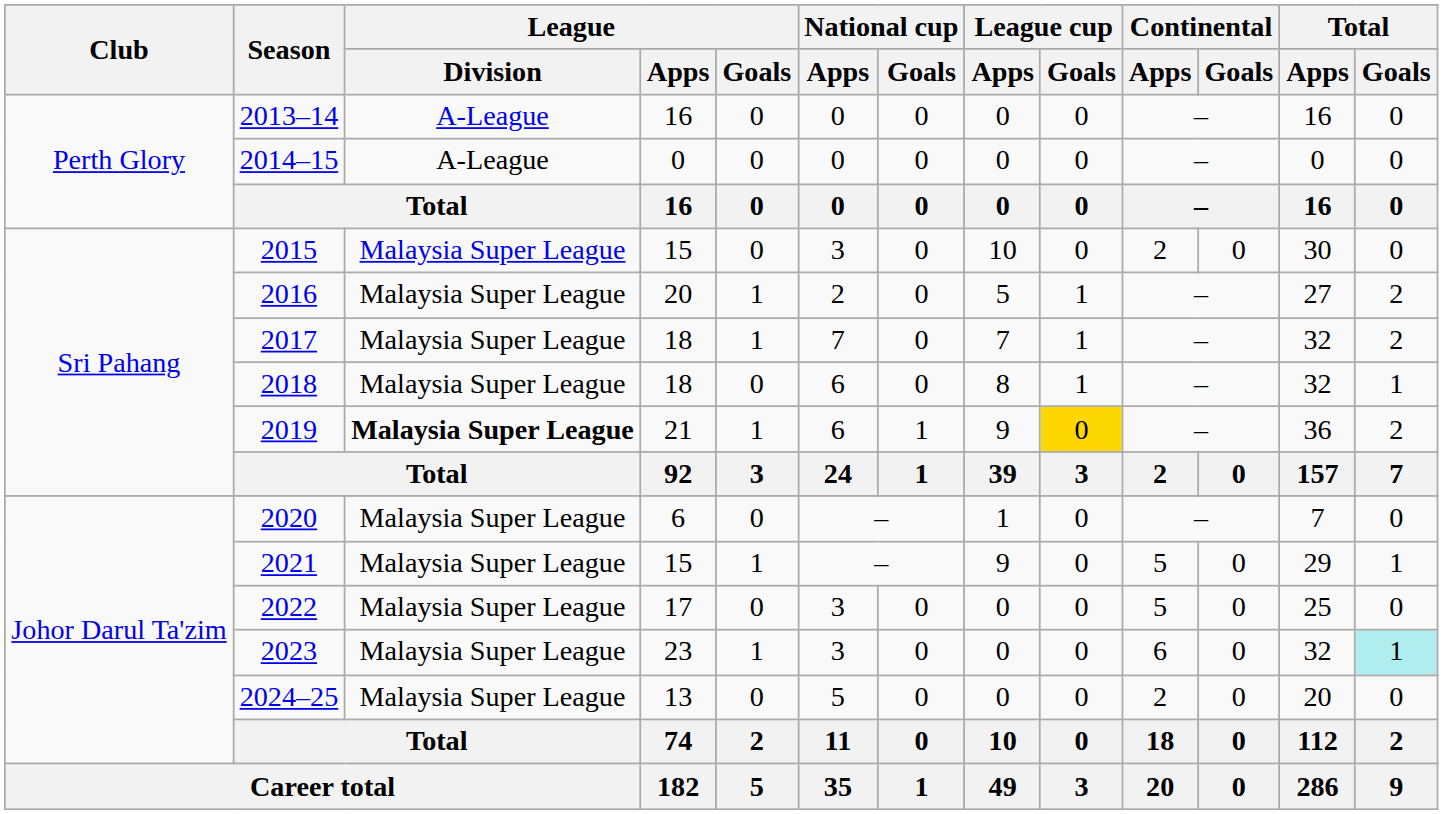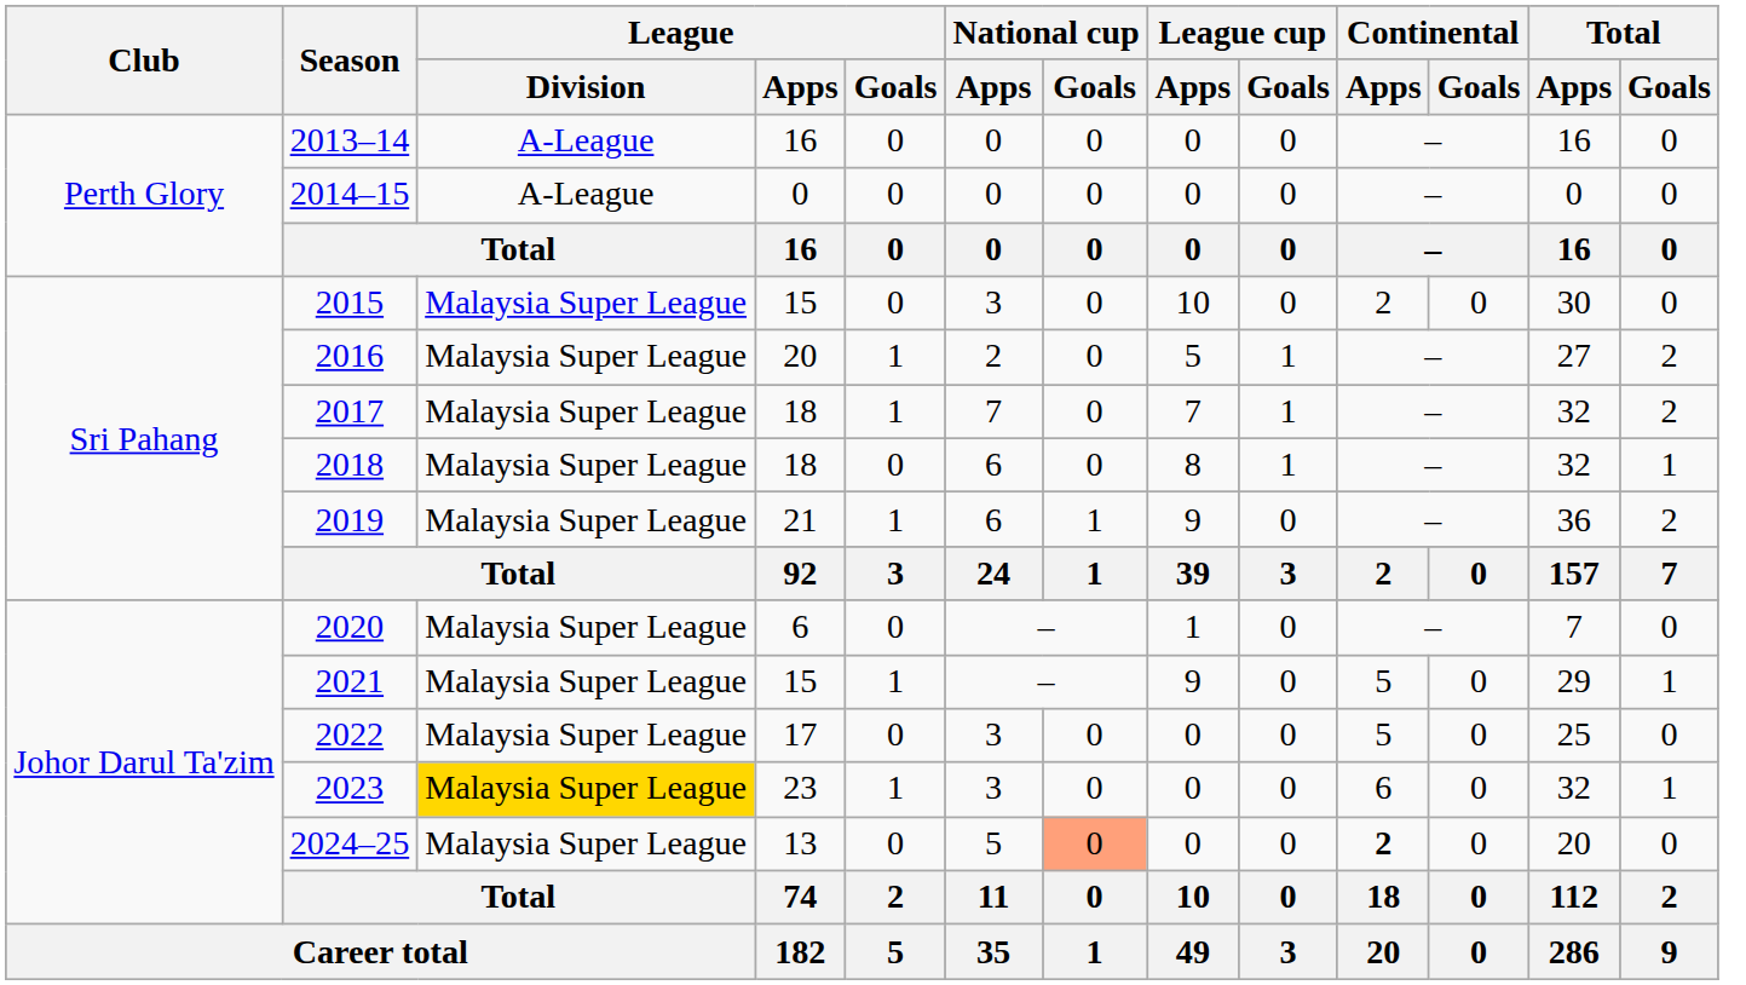 <table class=wikitable style="text-align:center">
 <tr>
 <th rowspan="2">Club</th>
 <th rowspan="2">Season</th>
 <th colspan="3">League</th>
 <th colspan="2">National cup</th>
 <th colspan="2">League cup</th>
 <th colspan="2">Continental</th>
 <th colspan="2">Total</th>
 </tr>
 <tr>
 <th>Division</th>
 <th>Apps</th>
 <th>Goals</th>
 <th>Apps</th>
 <th>Goals</th>
 <th>Apps</th>
 <th>Goals</th>
 <th>Apps</th>
 <th>Goals</th>
 <th>Apps</th>
 <th>Goals</th>
 </tr>
 <tr>
 <td rowspan="3"><a href='#'>Perth Glory</a></td>
 <td><a href='#'>2013–14</a></td>
 <td><a href='#'>A-League</a></td>
 <td>16</td>
 <td>0</td>
 <td>0</td>
 <td>0</td>
 <td>0</td>
 <td>0</td>
 <td colspan="2">–</td>
 <td>16</td>
 <td>0</td>
 </tr>
 <tr>
 <td><a href='#'>2014–15</a></td>
 <td>A-League</td>
 <td>0</td>
 <td>0</td>
 <td>0</td>
 <td>0</td>
 <td>0</td>
 <td>0</td>
 <td colspan="2">–</td>
 <td>0</td>
 <td>0</td>
 </tr>
 <tr>
 <th colspan="2">Total</th>
 <th>16</th>
 <th>0</th>
 <th>0</th>
 <th>0</th>
 <th>0</th>
 <th>0</th>
 <th colspan="2">–</th>
 <th>16</th>
 <th>0</th>
 </tr>
 <tr>
 <td rowspan="6"><a href='#'>Sri Pahang</a></td>
 <td><a href='#'>2015</a></td>
 <td><a href='#'>Malaysia Super League</a></td>
 <td>15</td>
 <td>0</td>
 <td>3</td>
 <td>0</td>
 <td>10</td>
 <td>0</td>
 <td>2</td>
 <td>0</td>
 <td>30</td>
 <td>0</td>
 </tr>
 <tr>
 <td><a href='#'>2016</a></td>
 <td>Malaysia Super League</td>
 <td>20</td>
 <td>1</td>
 <td>2</td>
 <td>0</td>
 <td>5</td>
 <td>1</td>
 <td colspan="2">–</td>
 <td>27</td>
 <td>2</td>
 </tr>
 <tr>
 <td><a href='#'>2017</a></td>
 <td>Malaysia Super League</td>
 <td>18</td>
 <td>1</td>
 <td>7</td>
 <td>0</td>
 <td>7</td>
 <td>1</td>
 <td colspan="2">–</td>
 <td>32</td>
 <td>2</td>
 </tr>
 <tr>
 <td><a href='#'>2018</a></td>
 <td>Malaysia Super League</td>
 <td>18</td>
 <td>0</td>
 <td>6</td>
 <td>0</td>
 <td>8</td>
 <td>1</td>
 <td colspan="2">–</td>
 <td>32</td>
 <td>1</td>
 </tr>
 <tr>
 <td><a href='#'>2019</a></td>
-<td><strong>Malaysia Super League</strong></td>
+<td>Malaysia Super League</td>
 <td>21</td>
 <td>1</td>
 <td>6</td>
 <td>1</td>
 <td>9</td>
-<td style="background: gold;">0</td>
+<td>0</td>
 <td colspan="2">–</td>
 <td>36</td>
 <td>2</td>
 </tr>
 <tr>
 <th colspan="2">Total</th>
 <th>92</th>
 <th>3</th>
 <th>24</th>
 <th>1</th>
 <th>39</th>
 <th>3</th>
 <th>2</th>
 <th>0</th>
 <th>157</th>
 <th>7</th>
 </tr>
 <tr>
 <td rowspan="6"><a href='#'>Johor Darul Ta'zim</a></td>
 <td><a href='#'>2020</a></td>
 <td>Malaysia Super League</td>
 <td>6</td>
 <td>0</td>
 <td colspan="2">–</td>
 <td>1</td>
 <td>0</td>
 <td colspan="2">–</td>
 <td>7</td>
 <td>0</td>
 </tr>
 <tr>
 <td><a href='#'>2021</a></td>
 <td>Malaysia Super League</td>
 <td>15</td>
 <td>1</td>
 <td colspan="2">–</td>
 <td>9</td>
 <td>0</td>
 <td>5</td>
 <td>0</td>
 <td>29</td>
 <td>1</td>
 </tr>
 <tr>
 <td><a href='#'>2022</a></td>
 <td>Malaysia Super League</td>
 <td>17</td>
 <td>0</td>
 <td>3</td>
 <td>0</td>
 <td>0</td>
 <td>0</td>
 <td>5</td>
 <td>0</td>
 <td>25</td>
 <td>0</td>
 </tr>
 <tr>
 <td><a href='#'>2023</a></td>
-<td>Malaysia Super League</td>
+<td style="background: gold;">Malaysia Super League</td>
 <td>23</td>
 <td>1</td>
 <td>3</td>
 <td>0</td>
 <td>0</td>
 <td>0</td>
 <td>6</td>
 <td>0</td>
 <td>32</td>
-<td style="background: paleturquoise;">1</td>
+<td>1</td>
 </tr>
 <tr>
 <td><a href='#'>2024–25</a></td>
 <td>Malaysia Super League</td>
 <td>13</td>
 <td>0</td>
 <td>5</td>
+<td style="background: lightsalmon;">0</td>
 <td>0</td>
 <td>0</td>
-<td>0</td>
-<td>2</td>
+<td><strong>2</strong></td>
 <td>0</td>
 <td>20</td>
 <td>0</td>
 </tr>
 <tr>
 <th colspan="2">Total</th>
 <th>74</th>
 <th>2</th>
 <th>11</th>
 <th>0</th>
 <th>10</th>
 <th>0</th>
 <th>18</th>
 <th>0</th>
 <th>112</th>
 <th>2</th>
 </tr>
 <tr>
 <th colspan="3">Career total</th>
 <th>182</th>
 <th>5</th>
 <th>35</th>
 <th>1</th>
 <th>49</th>
 <th>3</th>
 <th>20</th>
 <th>0</th>
 <th>286</th>
 <th>9</th>
 </tr>
 </table>
